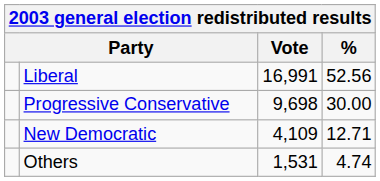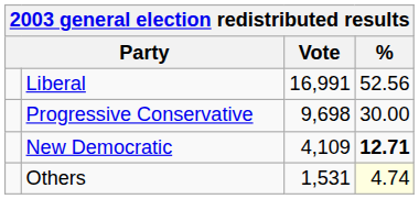 <table class="wikitable">
 <tr>
 <th colspan="4"><a href='#'>2003 general election</a> redistributed results</th>
 </tr>
 <tr>
 <th bgcolor="#DDDDFF" width="130px" colspan="2">Party</th>
 <th bgcolor="#DDDDFF" width="50px">Vote</th>
 <th bgcolor="#DDDDFF" width="30px">%</th>
 </tr>
 <tr>
 <td> </td>
 <td><a href='#'>Liberal</a></td>
 <td align=right>16,991</td>
 <td align=right>52.56</td>
 </tr>
 <tr>
 <td> </td>
 <td><a href='#'>Progressive Conservative</a></td>
 <td align=right>9,698</td>
 <td align=right>30.00</td>
 </tr>
 <tr>
 <td> </td>
 <td><a href='#'>New Democratic</a></td>
 <td align=right>4,109</td>
-<td align=right>12.71</td>
+<td align=right><strong>12.71</strong></td>
 </tr>
 <tr>
 <td> </td>
 <td>Others</td>
 <td align=right>1,531</td>
-<td align=right>4.74</td>
+<td align=right style="background: lightyellow;">4.74</td>
 </tr>
 </table>
